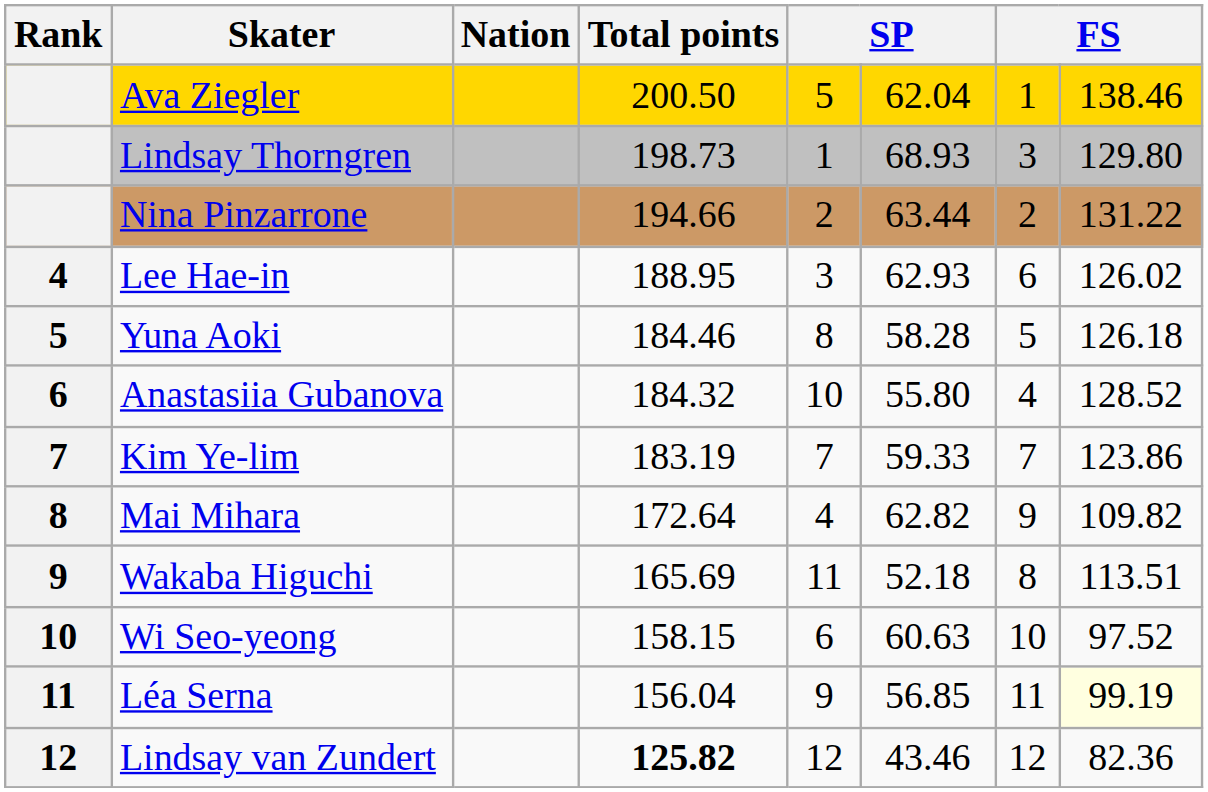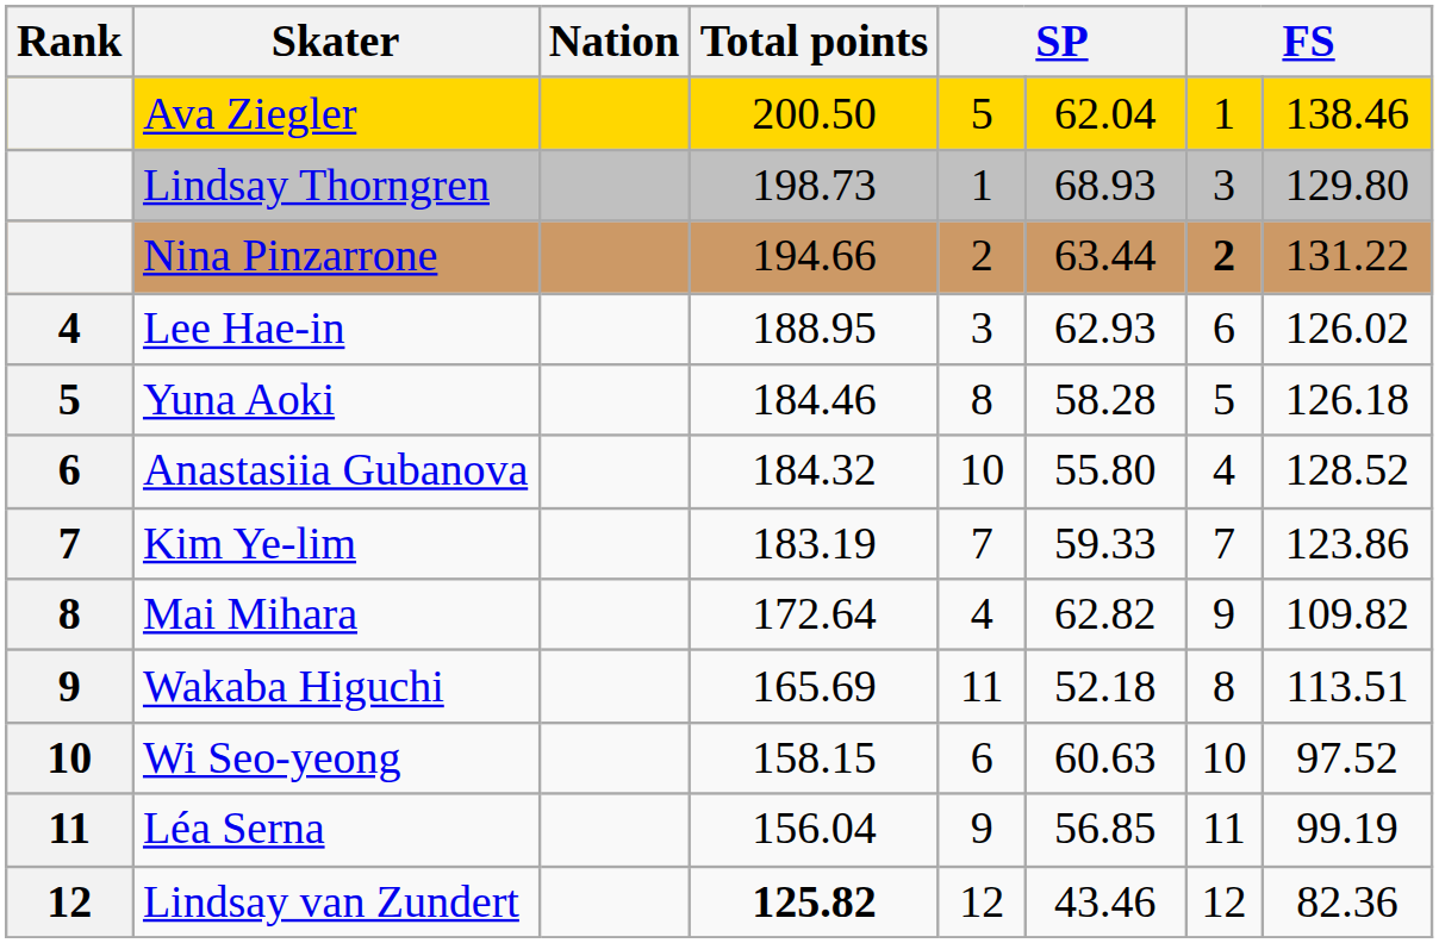 <table class="wikitable sortable" style="text-align:left">
 <tr>
 <th scope="col">Rank</th>
 <th scope="col">Skater</th>
 <th scope="col">Nation</th>
 <th scope="col">Total points</th>
 <th scope="col" colspan="2" width="80px"><a href='#'>SP</a></th>
 <th scope="col" colspan="2" width="80px"><a href='#'>FS</a></th>
 </tr>
 <tr bgcolor="gold">
 <th scope="row"></th>
 <td><a href='#'>Ava Ziegler</a></td>
 <td></td>
 <td align="center">200.50</td>
 <td align="center">5</td>
 <td align="center">62.04</td>
 <td align="center">1</td>
 <td align="center">138.46</td>
 </tr>
 <tr bgcolor="silver">
 <th scope="row"></th>
 <td><a href='#'>Lindsay Thorngren</a></td>
 <td></td>
 <td align="center">198.73</td>
 <td align="center">1</td>
 <td align="center">68.93</td>
 <td align="center">3</td>
 <td align="center">129.80</td>
 </tr>
 <tr bgcolor="cc9966">
 <th scope="row"></th>
 <td><a href='#'>Nina Pinzarrone</a></td>
 <td></td>
 <td align="center">194.66</td>
 <td align="center">2</td>
 <td align="center">63.44</td>
-<td align="center">2</td>
+<td align="center"><strong>2</strong></td>
 <td align="center">131.22</td>
 </tr>
 <tr>
 <th scope="row">4</th>
 <td><a href='#'>Lee Hae-in</a></td>
 <td></td>
 <td align="center">188.95</td>
 <td align="center">3</td>
 <td align="center">62.93</td>
 <td align="center">6</td>
 <td align="center">126.02</td>
 </tr>
 <tr>
 <th scope="row">5</th>
 <td><a href='#'>Yuna Aoki</a></td>
 <td></td>
 <td align="center">184.46</td>
 <td align="center">8</td>
 <td align="center">58.28</td>
 <td align="center">5</td>
 <td align="center">126.18</td>
 </tr>
 <tr>
 <th scope="row">6</th>
 <td><a href='#'>Anastasiia Gubanova</a></td>
 <td></td>
 <td align="center">184.32</td>
 <td align="center">10</td>
 <td align="center">55.80</td>
 <td align="center">4</td>
 <td align="center">128.52</td>
 </tr>
 <tr>
 <th scope="row">7</th>
 <td><a href='#'>Kim Ye-lim</a></td>
 <td></td>
 <td align="center">183.19</td>
 <td align="center">7</td>
 <td align="center">59.33</td>
 <td align="center">7</td>
 <td align="center">123.86</td>
 </tr>
 <tr>
 <th scope="row">8</th>
 <td><a href='#'>Mai Mihara</a></td>
 <td></td>
 <td align="center">172.64</td>
 <td align="center">4</td>
 <td align="center">62.82</td>
 <td align="center">9</td>
 <td align="center">109.82</td>
 </tr>
 <tr>
 <th scope="row">9</th>
 <td><a href='#'>Wakaba Higuchi</a></td>
 <td></td>
 <td align="center">165.69</td>
 <td align="center">11</td>
 <td align="center">52.18</td>
 <td align="center">8</td>
 <td align="center">113.51</td>
 </tr>
 <tr>
 <th scope="row">10</th>
 <td><a href='#'>Wi Seo-yeong</a></td>
 <td></td>
 <td align="center">158.15</td>
 <td align="center">6</td>
 <td align="center">60.63</td>
 <td align="center">10</td>
 <td align="center">97.52</td>
 </tr>
 <tr>
 <th scope="row">11</th>
 <td><a href='#'>Léa Serna</a></td>
 <td></td>
 <td align="center">156.04</td>
 <td align="center">9</td>
 <td align="center">56.85</td>
 <td align="center">11</td>
-<td align="center" style="background: lightyellow;">99.19</td>
+<td align="center">99.19</td>
 </tr>
 <tr>
 <th scope="row">12</th>
 <td><a href='#'>Lindsay van Zundert</a></td>
 <td></td>
 <td align="center"><strong>125.82</strong></td>
 <td align="center">12</td>
 <td align="center">43.46</td>
 <td align="center">12</td>
 <td align="center">82.36</td>
 </tr>
 </table>
